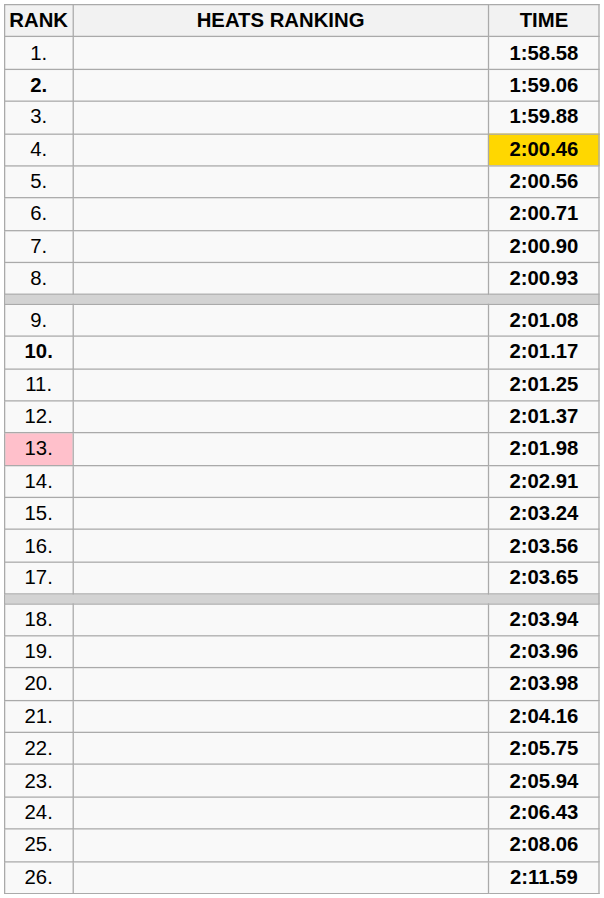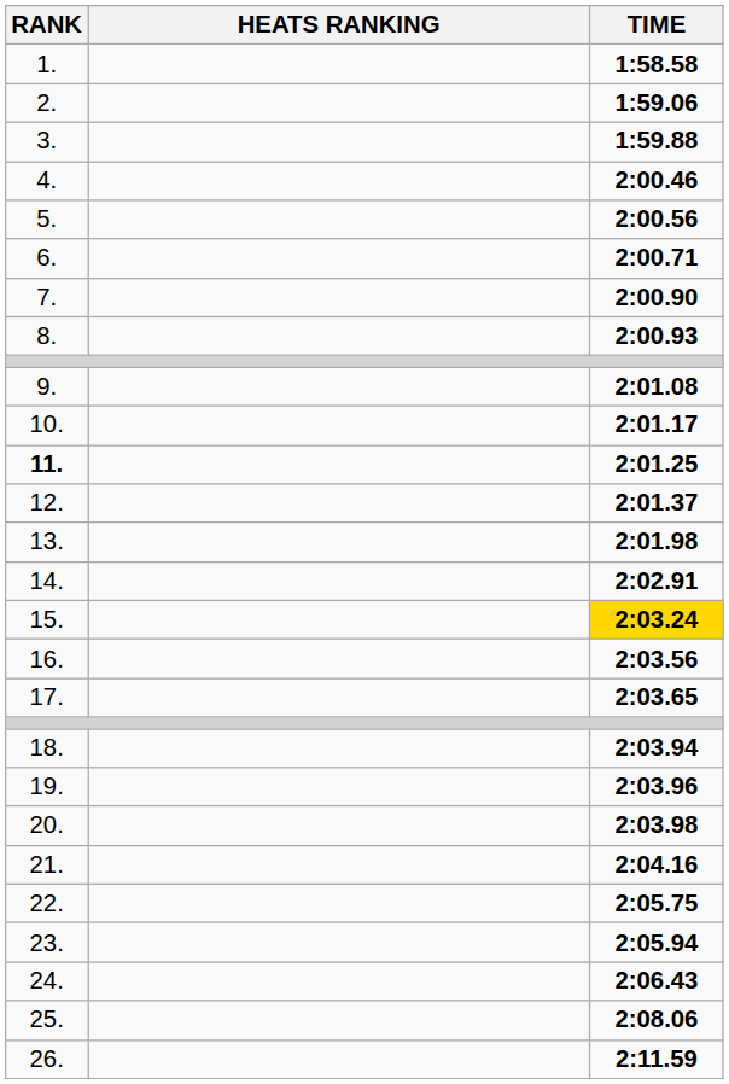 <table class="wikitable">
 <tr>
 <th>RANK</th>
 <th style="width: 20em">HEATS RANKING</th>
 <th style="width: 5em">TIME</th>
 </tr>
 <tr>
 <td align="center">1.</td>
 <td></td>
 <td align="center"><strong>1:58.58</strong></td>
 </tr>
 <tr>
-<td align="center"><strong>2.</strong></td>
+<td align="center">2.</td>
 <td></td>
 <td align="center"><strong>1:59.06</strong></td>
 </tr>
 <tr>
 <td align="center">3.</td>
 <td></td>
 <td align="center"><strong>1:59.88</strong></td>
 </tr>
 <tr>
 <td align="center">4.</td>
 <td></td>
-<td align="center" style="background: gold;"><strong>2:00.46</strong></td>
+<td align="center"><strong>2:00.46</strong></td>
 </tr>
 <tr>
 <td align="center">5.</td>
 <td></td>
 <td align="center"><strong>2:00.56</strong></td>
 </tr>
 <tr>
 <td align="center">6.</td>
 <td></td>
 <td align="center"><strong>2:00.71</strong></td>
 </tr>
 <tr>
 <td align="center">7.</td>
 <td></td>
 <td align="center"><strong>2:00.90</strong></td>
 </tr>
 <tr>
 <td align="center">8.</td>
 <td></td>
 <td align="center"><strong>2:00.93</strong></td>
 </tr>
 <tr>
 <td colspan=3 bgcolor=lightgray></td>
 </tr>
 <tr>
 <td align="center">9.</td>
 <td></td>
 <td align="center"><strong>2:01.08</strong></td>
 </tr>
 <tr>
-<td align="center"><strong>10.</strong></td>
+<td align="center">10.</td>
 <td></td>
 <td align="center"><strong>2:01.17</strong></td>
 </tr>
 <tr>
-<td align="center">11.</td>
+<td align="center"><strong>11.</strong></td>
 <td> </td>
 <td align="center"><strong>2:01.25</strong></td>
 </tr>
 <tr>
 <td align="center">12.</td>
 <td></td>
 <td align="center"><strong>2:01.37</strong></td>
 </tr>
 <tr>
-<td align="center" style="background: pink;">13.</td>
+<td align="center">13.</td>
 <td></td>
 <td align="center"><strong>2:01.98</strong></td>
 </tr>
 <tr>
 <td align="center">14.</td>
 <td></td>
 <td align="center"><strong>2:02.91</strong></td>
 </tr>
 <tr>
 <td align="center">15.</td>
 <td></td>
-<td align="center"><strong>2:03.24</strong></td>
+<td align="center" style="background: gold;"><strong>2:03.24</strong></td>
 </tr>
 <tr>
 <td align="center">16.</td>
 <td></td>
 <td align="center"><strong>2:03.56</strong></td>
 </tr>
 <tr>
 <td align="center">17.</td>
 <td></td>
 <td align="center"><strong>2:03.65</strong></td>
 </tr>
 <tr>
 <td colspan=3 bgcolor=lightgray></td>
 </tr>
 <tr>
 <td align="center">18.</td>
 <td></td>
 <td align="center"><strong>2:03.94</strong></td>
 </tr>
 <tr>
 <td align="center">19.</td>
 <td></td>
 <td align="center"><strong>2:03.96</strong></td>
 </tr>
 <tr>
 <td align="center">20.</td>
 <td></td>
 <td align="center"><strong>2:03.98</strong></td>
 </tr>
 <tr>
 <td align="center">21.</td>
 <td></td>
 <td align="center"><strong>2:04.16</strong></td>
 </tr>
 <tr>
 <td align="center">22.</td>
 <td></td>
 <td align="center"><strong>2:05.75</strong></td>
 </tr>
 <tr>
 <td align="center">23.</td>
 <td></td>
 <td align="center"><strong>2:05.94</strong></td>
 </tr>
 <tr>
 <td align="center">24.</td>
 <td></td>
 <td align="center"><strong>2:06.43</strong></td>
 </tr>
 <tr>
 <td align="center">25.</td>
 <td></td>
 <td align="center"><strong>2:08.06</strong></td>
 </tr>
 <tr>
 <td align="center">26.</td>
 <td></td>
 <td align="center"><strong>2:11.59</strong></td>
 </tr>
 </table>
